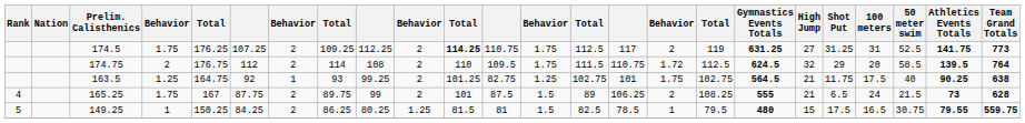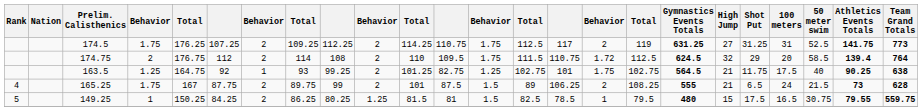 <table class="wikitable sortable" style="text-align:center">
 <tr>
 <th colspan=1>Rank</th>
 <th colspan=1>Nation</th>
 <th colspan=1>Prelim. Calisthenics</th>
 <th colspan=1>Behavior</th>
 <th colspan=1>Total</th>
 <th colspan=1></th>
 <th colspan=1>Behavior</th>
 <th colspan=1>Total</th>
 <th colspan=1></th>
 <th colspan=1>Behavior</th>
 <th colspan=1>Total</th>
 <th colspan=1></th>
 <th colspan=1>Behavior</th>
 <th colspan=1>Total</th>
 <th colspan=1></th>
 <th colspan=1>Behavior</th>
 <th colspan=1>Total</th>
 <th colspan=1>Gymnastics Events Totals</th>
 <th colspan=1>High Jump</th>
 <th colspan=1>Shot Put</th>
 <th colspan=1>100 meters</th>
 <th colspan=1>50 meter swim</th>
 <th colspan=1>Athletics Events Totals</th>
 <th colspan=1>Team Grand Totals</th>
 </tr>
 <tr>
 <td></td>
 <td></td>
 <td>174.5</td>
 <td>1.75</td>
 <td>176.25</td>
 <td>107.25</td>
 <td>2</td>
 <td>109.25</td>
 <td>112.25</td>
 <td>2</td>
-<td><strong>114.25</strong></td>
+<td>114.25</td>
 <td>110.75</td>
 <td>1.75</td>
 <td>112.5</td>
 <td>117</td>
 <td>2</td>
 <td>119</td>
 <td><strong>631.25</strong></td>
 <td>27</td>
 <td>31.25</td>
 <td>31</td>
 <td>52.5</td>
 <td><strong>141.75</strong></td>
 <td><strong>773</strong></td>
 </tr>
 <tr>
 <td></td>
 <td></td>
 <td>174.75</td>
 <td>2</td>
 <td>176.75</td>
 <td>112</td>
 <td>2</td>
 <td>114</td>
 <td>108</td>
 <td>2</td>
 <td>110</td>
 <td>109.5</td>
 <td>1.75</td>
 <td>111.5</td>
 <td>110.75</td>
 <td>1.72</td>
 <td>112.5</td>
 <td><strong>624.5</strong></td>
 <td>32</td>
 <td>29</td>
 <td>20</td>
 <td>58.5</td>
-<td><strong>139.5</strong></td>
+<td><strong>139.4</strong></td>
 <td><strong>764</strong></td>
 </tr>
 <tr>
 <td></td>
 <td></td>
 <td>163.5</td>
 <td>1.25</td>
 <td>164.75</td>
 <td>92</td>
 <td>1</td>
 <td>93</td>
 <td>99.25</td>
 <td>2</td>
 <td>101.25</td>
 <td>82.75</td>
 <td>1.25</td>
 <td>102.75</td>
 <td>101</td>
 <td>1.75</td>
 <td>102.75</td>
 <td><strong>564.5</strong></td>
 <td>21</td>
 <td>11.75</td>
 <td>17.5</td>
 <td>40</td>
 <td><strong>90.25</strong></td>
 <td><strong>638</strong></td>
 </tr>
 <tr>
 <td>4</td>
 <td></td>
 <td>165.25</td>
 <td>1.75</td>
 <td>167</td>
 <td>87.75</td>
 <td>2</td>
 <td>89.75</td>
 <td>99</td>
 <td>2</td>
 <td>101</td>
 <td>87.5</td>
 <td>1.5</td>
 <td>89</td>
 <td>106.25</td>
 <td>2</td>
 <td>108.25</td>
 <td><strong>555</strong></td>
 <td>21</td>
 <td>6.5</td>
 <td>24</td>
 <td>21.5</td>
 <td><strong>73</strong></td>
 <td><strong>628</strong></td>
 </tr>
 <tr>
 <td>5</td>
 <td></td>
 <td>149.25</td>
 <td>1</td>
 <td>150.25</td>
 <td>84.25</td>
 <td>2</td>
 <td>86.25</td>
 <td>80.25</td>
 <td>1.25</td>
 <td>81.5</td>
 <td>81</td>
 <td>1.5</td>
 <td>82.5</td>
 <td>78.5</td>
 <td>1</td>
 <td>79.5</td>
 <td><strong>480</strong></td>
 <td>15</td>
 <td>17.5</td>
 <td>16.5</td>
 <td>30.75</td>
 <td><strong>79.55</strong></td>
 <td><strong>559.75</strong></td>
 </tr>
 <tr>
 </tr>
 </table>
